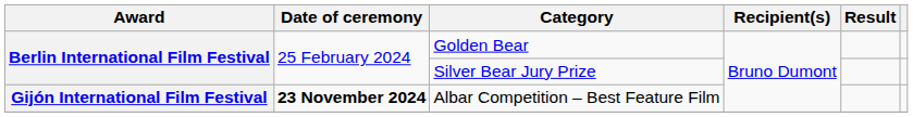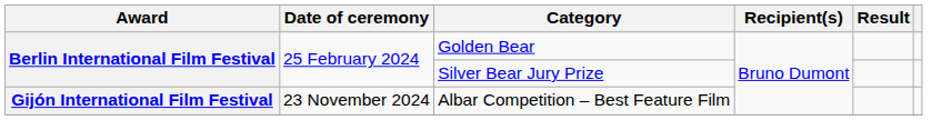 <table class="wikitable sortable plainrowheaders">
 <tr>
 <th scope="col">Award</th>
 <th scope="col">Date of ceremony</th>
 <th scope="col">Category</th>
 <th scope="col">Recipient(s)</th>
 <th scope="col">Result</th>
 <th scope="col" class="unsortable"></th>
 </tr>
 <tr>
 <th rowspan="2" scope="row"><a href='#'>Berlin International Film Festival</a></th>
 <td rowspan="2"><a href='#'>25 February 2024</a></td>
 <td><a href='#'>Golden Bear</a></td>
 <td rowspan="3"><a href='#'>Bruno Dumont</a></td>
 <td></td>
 <td align="center"></td>
 </tr>
 <tr>
 <td><a href='#'>Silver Bear Jury Prize</a></td>
 <td></td>
 <td align="center"></td>
 </tr>
 <tr>
 <th scope="row"><a href='#'>Gijón International Film Festival</a></th>
-<td><strong>23 November 2024</strong></td>
+<td>23 November 2024</td>
 <td>Albar Competition – Best Feature Film</td>
 <td></td>
 <td></td>
 </tr>
 <tr>
 </tr>
 </table>
